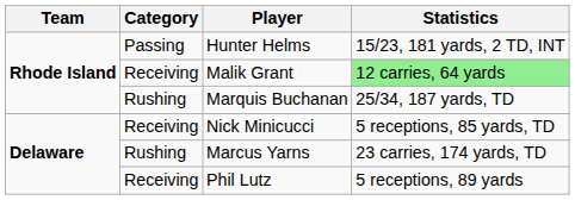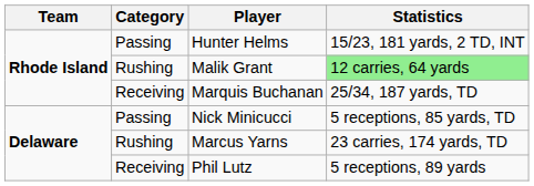 <table class="wikitable" style="float: right;">
 <tr>
 <th>Team</th>
 <th>Category</th>
 <th>Player</th>
 <th>Statistics</th>
 </tr>
 <tr>
 <td rowspan=3><strong>Rhode Island</strong></td>
 <td>Passing</td>
 <td>Hunter Helms</td>
 <td>15/23, 181 yards, 2 TD, INT</td>
 </tr>
 <tr>
-<td>Receiving</td>
+<td>Rushing</td>
 <td>Malik Grant</td>
 <td style="background: lightgreen;">12 carries, 64 yards</td>
 </tr>
 <tr>
-<td>Rushing</td>
+<td>Receiving</td>
 <td>Marquis Buchanan</td>
 <td>25/34, 187 yards, TD</td>
 </tr>
 <tr>
 <td rowspan=3><strong>Delaware</strong></td>
-<td>Receiving</td>
+<td>Passing</td>
 <td>Nick Minicucci</td>
 <td>5 receptions, 85 yards, TD</td>
 </tr>
 <tr>
 <td>Rushing</td>
 <td>Marcus Yarns</td>
 <td>23 carries, 174 yards, TD</td>
 </tr>
 <tr>
 <td>Receiving</td>
 <td>Phil Lutz</td>
 <td>5 receptions, 89 yards</td>
 </tr>
 </table>
